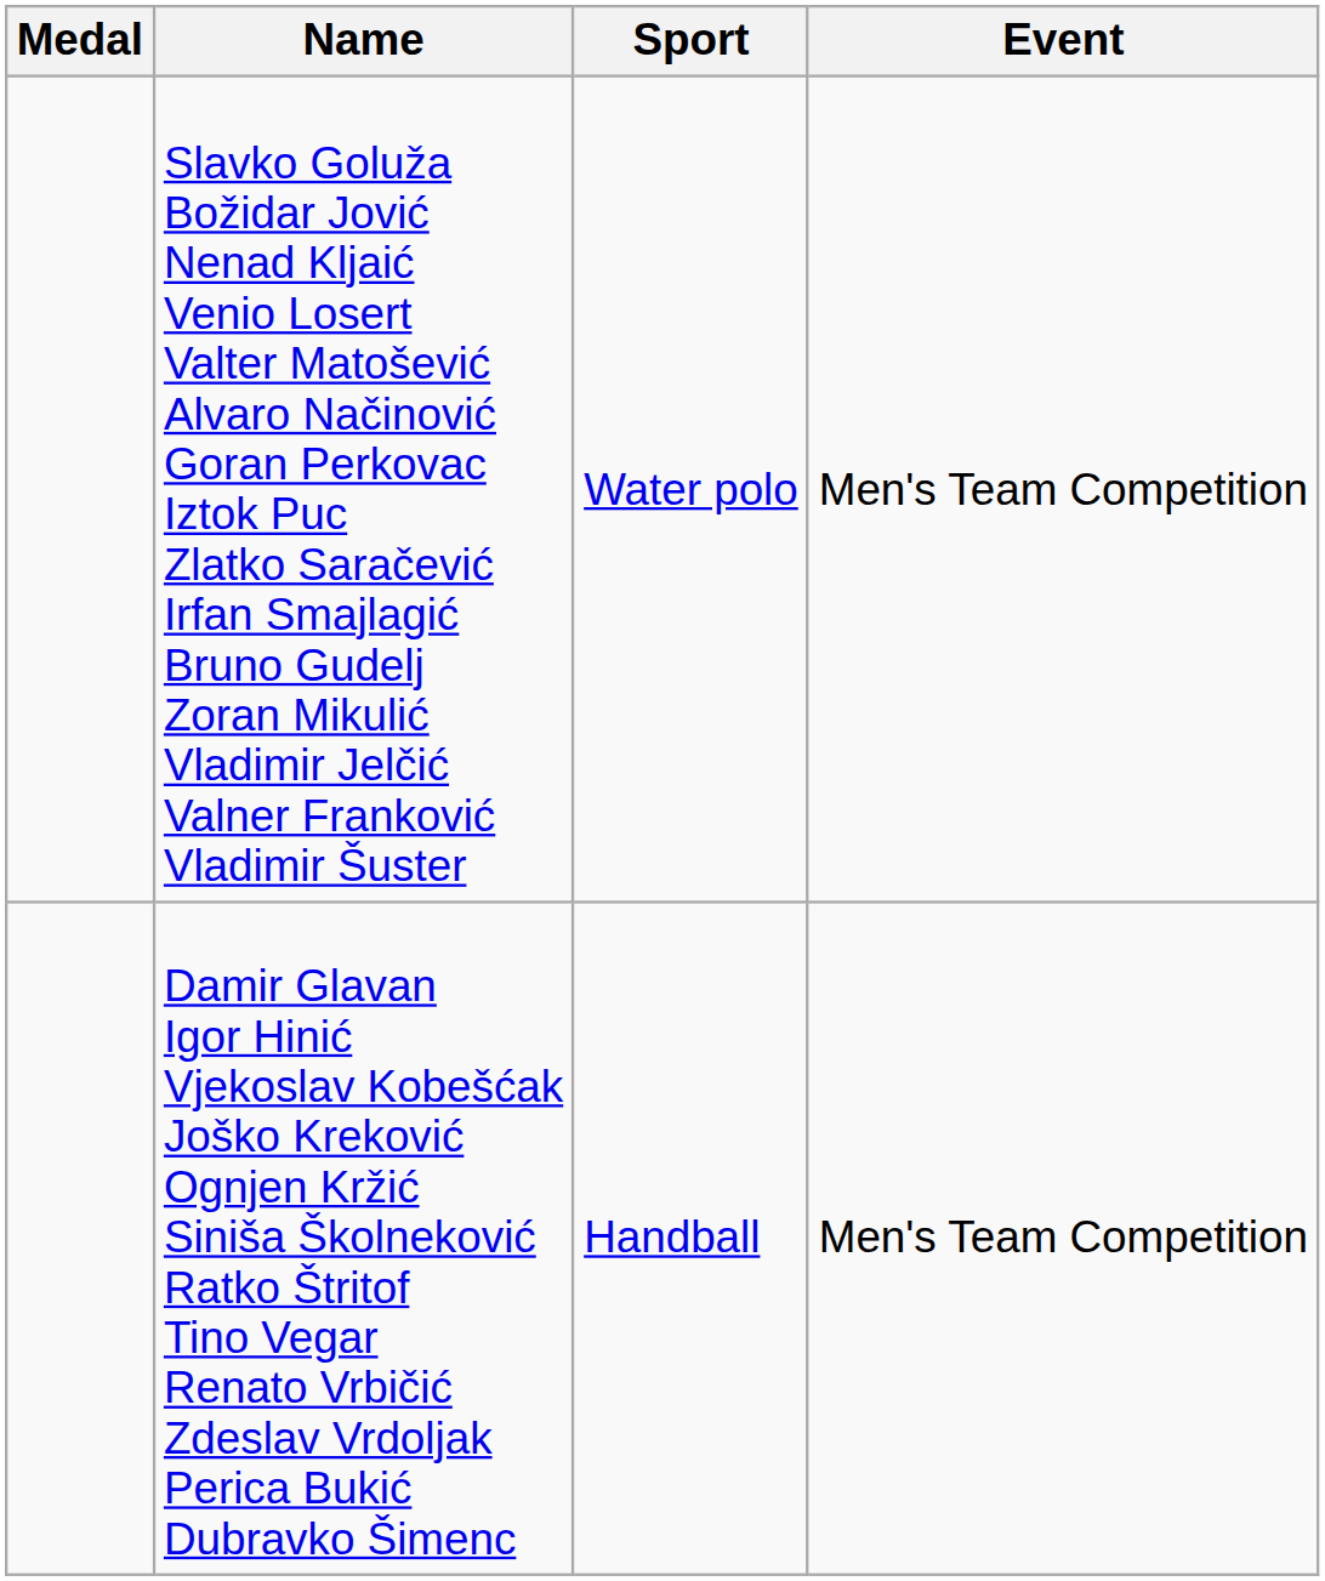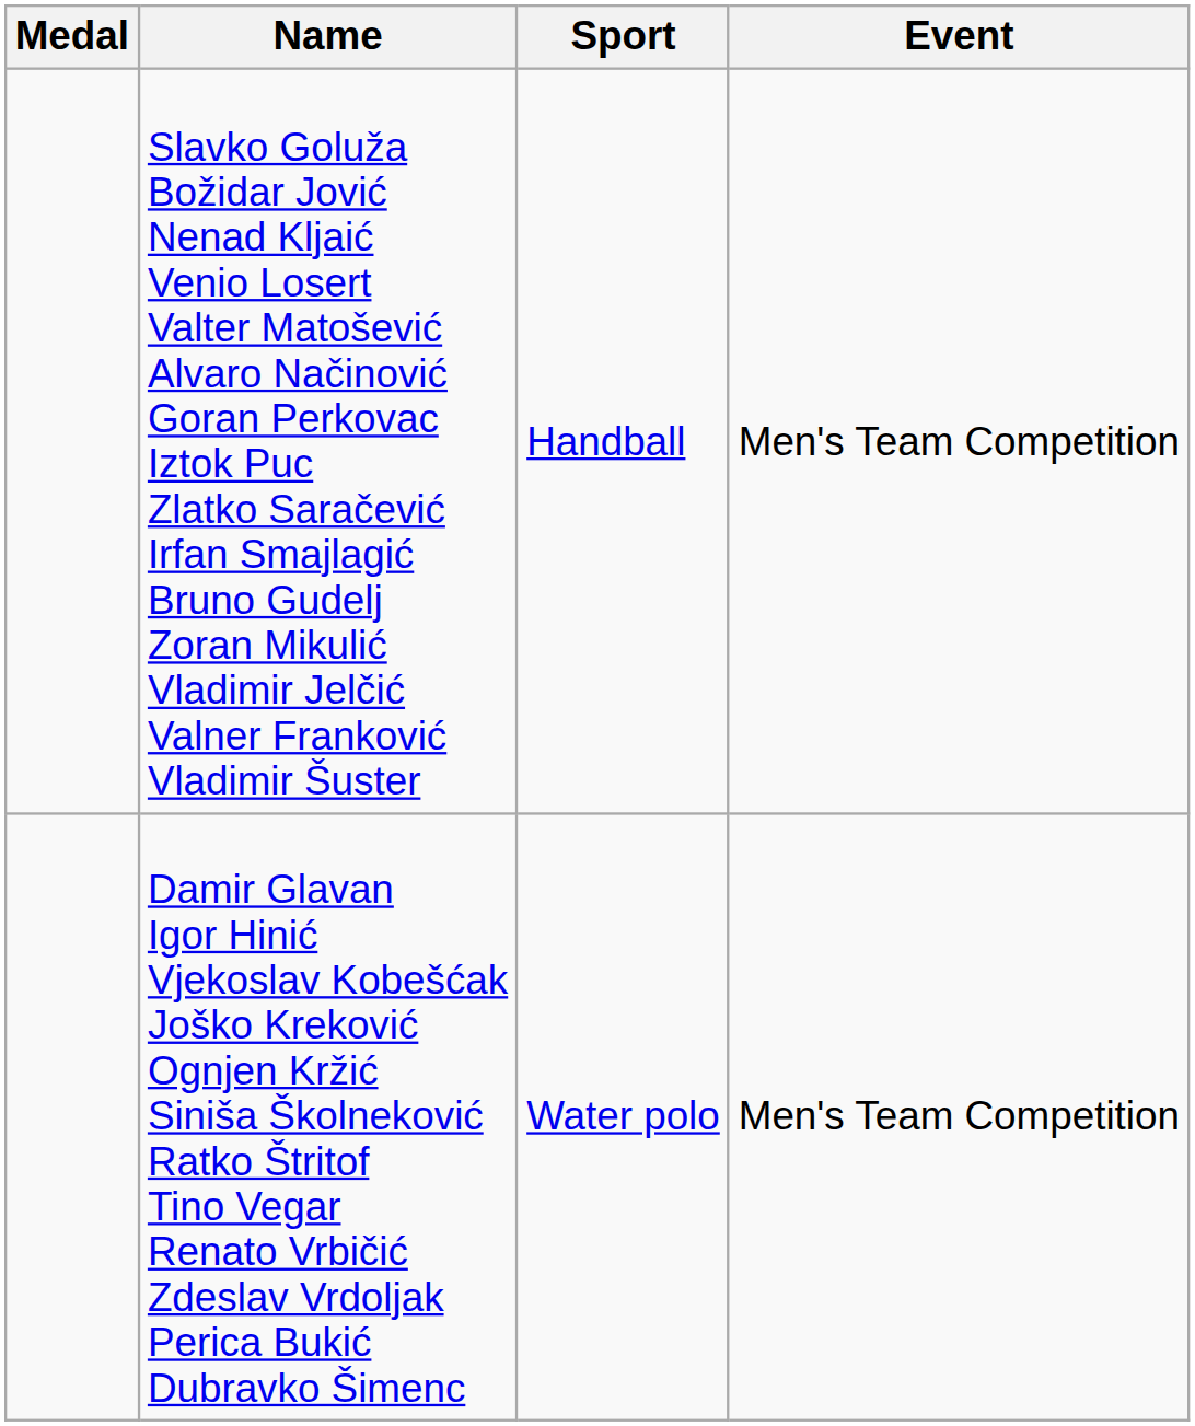 <table class="wikitable sortable">
 <tr>
 <th>Medal</th>
 <th>Name</th>
 <th>Sport</th>
 <th>Event</th>
 </tr>
 <tr>
 <td></td>
 <td> <br><a href='#'>Slavko Goluža</a> <br><a href='#'>Božidar Jović</a> <br><a href='#'>Nenad Kljaić</a> <br><a href='#'>Venio Losert</a> <br><a href='#'>Valter Matošević</a> <br><a href='#'>Alvaro Načinović</a> <br><a href='#'>Goran Perkovac</a> <br><a href='#'>Iztok Puc</a> <br><a href='#'>Zlatko Saračević</a> <br><a href='#'>Irfan Smajlagić</a> <br><a href='#'>Bruno Gudelj</a> <br><a href='#'>Zoran Mikulić</a> <br><a href='#'>Vladimir Jelčić</a> <br><a href='#'>Valner Franković</a> <br><a href='#'>Vladimir Šuster</a></td>
-<td><a href='#'>Water polo</a></td>
+<td><a href='#'>Handball</a></td>
 <td>Men's Team Competition</td>
 </tr>
 <tr>
 <td></td>
 <td> <br><a href='#'>Damir Glavan</a> <br><a href='#'>Igor Hinić</a> <br><a href='#'>Vjekoslav Kobešćak</a> <br><a href='#'>Joško Kreković</a> <br><a href='#'>Ognjen Kržić</a> <br><a href='#'>Siniša Školneković</a> <br><a href='#'>Ratko Štritof</a> <br><a href='#'>Tino Vegar</a> <br><a href='#'>Renato Vrbičić</a> <br><a href='#'>Zdeslav Vrdoljak</a> <br><a href='#'>Perica Bukić</a> <br><a href='#'>Dubravko Šimenc</a></td>
-<td><a href='#'>Handball</a></td>
+<td><a href='#'>Water polo</a></td>
 <td>Men's Team Competition</td>
 </tr>
 </table>
